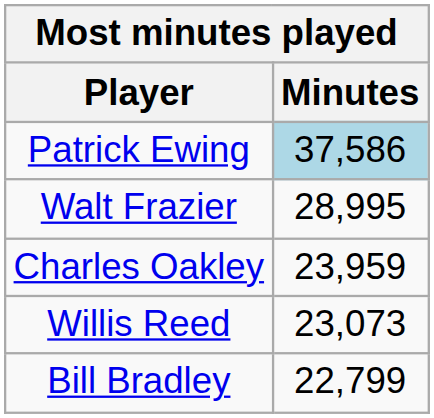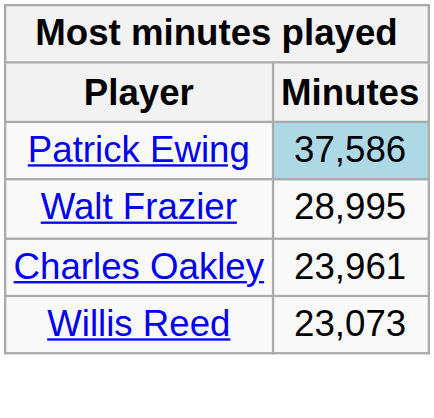 <table class="wikitable sortable" style="text-align:center">
 <tr>
 <th colspan="2" style="text-align:center; ">Most minutes played</th>
 </tr>
 <tr>
 <th style="text-align:center; ">Player</th>
 <th style="text-align:center; ">Minutes</th>
 </tr>
 <tr>
 <td><a href='#'>Patrick Ewing</a></td>
 <td style="background: lightblue;">37,586</td>
 </tr>
 <tr>
 <td><a href='#'>Walt Frazier</a></td>
 <td>28,995</td>
 </tr>
 <tr>
 <td><a href='#'>Charles Oakley</a></td>
-<td>23,959</td>
+<td>23,961</td>
 </tr>
 <tr>
 <td><a href='#'>Willis Reed</a></td>
 <td>23,073</td>
 </tr>
-<tr>
-<td><a href='#'>Bill Bradley</a></td>
-<td>22,799</td>
-</tr>
 </table>
